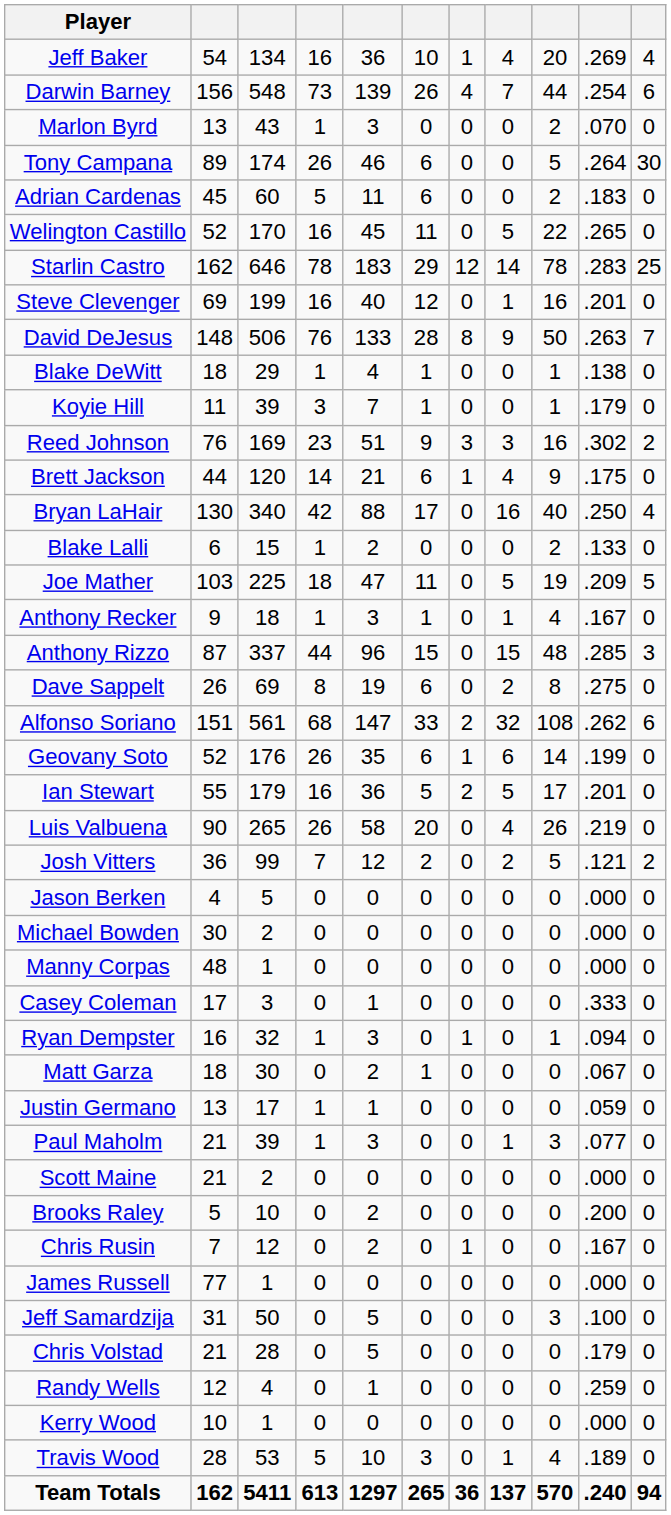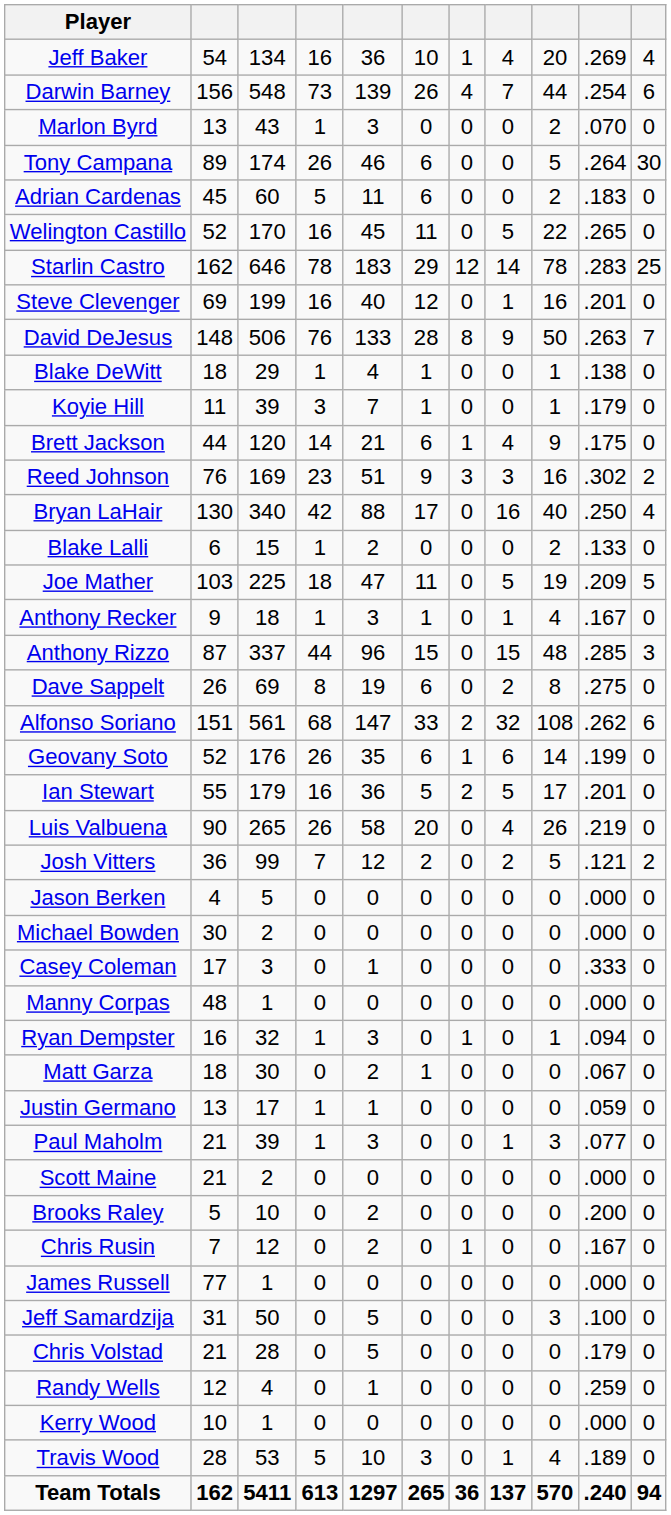 <table class="wikitable sortable">
 <tr>
 <th>Player</th>
 <th></th>
 <th></th>
 <th></th>
 <th></th>
 <th></th>
 <th></th>
 <th></th>
 <th></th>
 <th></th>
 <th></th>
 </tr>
 <tr align=center>
 <td><a href='#'>Jeff Baker</a></td>
 <td>54</td>
 <td>134</td>
 <td>16</td>
 <td>36</td>
 <td>10</td>
 <td>1</td>
 <td>4</td>
 <td>20</td>
 <td>.269</td>
 <td>4</td>
 </tr>
 <tr align=center>
 <td><a href='#'>Darwin Barney</a></td>
 <td>156</td>
 <td>548</td>
 <td>73</td>
 <td>139</td>
 <td>26</td>
 <td>4</td>
 <td>7</td>
 <td>44</td>
 <td>.254</td>
 <td>6</td>
 </tr>
 <tr align=center>
 <td><a href='#'>Marlon Byrd</a></td>
 <td>13</td>
 <td>43</td>
 <td>1</td>
 <td>3</td>
 <td>0</td>
 <td>0</td>
 <td>0</td>
 <td>2</td>
 <td>.070</td>
 <td>0</td>
 </tr>
 <tr align=center>
 <td><a href='#'>Tony Campana</a></td>
 <td>89</td>
 <td>174</td>
 <td>26</td>
 <td>46</td>
 <td>6</td>
 <td>0</td>
 <td>0</td>
 <td>5</td>
 <td>.264</td>
 <td>30</td>
 </tr>
 <tr align=center>
 <td><a href='#'>Adrian Cardenas</a></td>
 <td>45</td>
 <td>60</td>
 <td>5</td>
 <td>11</td>
 <td>6</td>
 <td>0</td>
 <td>0</td>
 <td>2</td>
 <td>.183</td>
 <td>0</td>
 </tr>
 <tr align=center>
 <td><a href='#'>Welington Castillo</a></td>
 <td>52</td>
 <td>170</td>
 <td>16</td>
 <td>45</td>
 <td>11</td>
 <td>0</td>
 <td>5</td>
 <td>22</td>
 <td>.265</td>
 <td>0</td>
 </tr>
 <tr align=center>
 <td><a href='#'>Starlin Castro</a></td>
 <td>162</td>
 <td>646</td>
 <td>78</td>
 <td>183</td>
 <td>29</td>
 <td>12</td>
 <td>14</td>
 <td>78</td>
 <td>.283</td>
 <td>25</td>
 </tr>
 <tr align=center>
 <td><a href='#'>Steve Clevenger</a></td>
 <td>69</td>
 <td>199</td>
 <td>16</td>
 <td>40</td>
 <td>12</td>
 <td>0</td>
 <td>1</td>
 <td>16</td>
 <td>.201</td>
 <td>0</td>
 </tr>
 <tr align=center>
 <td><a href='#'>David DeJesus</a></td>
 <td>148</td>
 <td>506</td>
 <td>76</td>
 <td>133</td>
 <td>28</td>
 <td>8</td>
 <td>9</td>
 <td>50</td>
 <td>.263</td>
 <td>7</td>
 </tr>
 <tr align=center>
 <td><a href='#'>Blake DeWitt</a></td>
 <td>18</td>
 <td>29</td>
 <td>1</td>
 <td>4</td>
 <td>1</td>
 <td>0</td>
 <td>0</td>
 <td>1</td>
 <td>.138</td>
 <td>0</td>
 </tr>
 <tr align=center>
 <td><a href='#'>Koyie Hill</a></td>
 <td>11</td>
 <td>39</td>
 <td>3</td>
 <td>7</td>
 <td>1</td>
 <td>0</td>
 <td>0</td>
 <td>1</td>
 <td>.179</td>
 <td>0</td>
 </tr>
 <tr align=center>
+<td><a href='#'>Brett Jackson</a></td>
+<td>44</td>
+<td>120</td>
+<td>14</td>
+<td>21</td>
+<td>6</td>
+<td>1</td>
+<td>4</td>
+<td>9</td>
+<td>.175</td>
+<td>0</td>
+</tr>
+<tr align=center>
 <td><a href='#'>Reed Johnson</a></td>
 <td>76</td>
 <td>169</td>
 <td>23</td>
 <td>51</td>
 <td>9</td>
 <td>3</td>
 <td>3</td>
 <td>16</td>
 <td>.302</td>
 <td>2</td>
-</tr>
-<tr align=center>
-<td><a href='#'>Brett Jackson</a></td>
-<td>44</td>
-<td>120</td>
-<td>14</td>
-<td>21</td>
-<td>6</td>
-<td>1</td>
-<td>4</td>
-<td>9</td>
-<td>.175</td>
-<td>0</td>
 </tr>
 <tr align=center>
 <td><a href='#'>Bryan LaHair</a></td>
 <td>130</td>
 <td>340</td>
 <td>42</td>
 <td>88</td>
 <td>17</td>
 <td>0</td>
 <td>16</td>
 <td>40</td>
 <td>.250</td>
 <td>4</td>
 </tr>
 <tr align=center>
 <td><a href='#'>Blake Lalli</a></td>
 <td>6</td>
 <td>15</td>
 <td>1</td>
 <td>2</td>
 <td>0</td>
 <td>0</td>
 <td>0</td>
 <td>2</td>
 <td>.133</td>
 <td>0</td>
 </tr>
 <tr align=center>
 <td><a href='#'>Joe Mather</a></td>
 <td>103</td>
 <td>225</td>
 <td>18</td>
 <td>47</td>
 <td>11</td>
 <td>0</td>
 <td>5</td>
 <td>19</td>
 <td>.209</td>
 <td>5</td>
 </tr>
 <tr align=center>
 <td><a href='#'>Anthony Recker</a></td>
 <td>9</td>
 <td>18</td>
 <td>1</td>
 <td>3</td>
 <td>1</td>
 <td>0</td>
 <td>1</td>
 <td>4</td>
 <td>.167</td>
 <td>0</td>
 </tr>
 <tr align=center>
 <td><a href='#'>Anthony Rizzo</a></td>
 <td>87</td>
 <td>337</td>
 <td>44</td>
 <td>96</td>
 <td>15</td>
 <td>0</td>
 <td>15</td>
 <td>48</td>
 <td>.285</td>
 <td>3</td>
 </tr>
 <tr align=center>
 <td><a href='#'>Dave Sappelt</a></td>
 <td>26</td>
 <td>69</td>
 <td>8</td>
 <td>19</td>
 <td>6</td>
 <td>0</td>
 <td>2</td>
 <td>8</td>
 <td>.275</td>
 <td>0</td>
 </tr>
 <tr align=center>
 <td><a href='#'>Alfonso Soriano</a></td>
 <td>151</td>
 <td>561</td>
 <td>68</td>
 <td>147</td>
 <td>33</td>
 <td>2</td>
 <td>32</td>
 <td>108</td>
 <td>.262</td>
 <td>6</td>
 </tr>
 <tr align=center>
 <td><a href='#'>Geovany Soto</a></td>
 <td>52</td>
 <td>176</td>
 <td>26</td>
 <td>35</td>
 <td>6</td>
 <td>1</td>
 <td>6</td>
 <td>14</td>
 <td>.199</td>
 <td>0</td>
 </tr>
 <tr align=center>
 <td><a href='#'>Ian Stewart</a></td>
 <td>55</td>
 <td>179</td>
 <td>16</td>
 <td>36</td>
 <td>5</td>
 <td>2</td>
 <td>5</td>
 <td>17</td>
 <td>.201</td>
 <td>0</td>
 </tr>
 <tr align=center>
 <td><a href='#'>Luis Valbuena</a></td>
 <td>90</td>
 <td>265</td>
 <td>26</td>
 <td>58</td>
 <td>20</td>
 <td>0</td>
 <td>4</td>
 <td>26</td>
 <td>.219</td>
 <td>0</td>
 </tr>
 <tr align=center>
 <td><a href='#'>Josh Vitters</a></td>
 <td>36</td>
 <td>99</td>
 <td>7</td>
 <td>12</td>
 <td>2</td>
 <td>0</td>
 <td>2</td>
 <td>5</td>
 <td>.121</td>
 <td>2</td>
 </tr>
 <tr align=center>
 <td><a href='#'>Jason Berken</a></td>
 <td>4</td>
 <td>5</td>
 <td>0</td>
 <td>0</td>
 <td>0</td>
 <td>0</td>
 <td>0</td>
 <td>0</td>
 <td>.000</td>
 <td>0</td>
 </tr>
 <tr align=center>
 <td><a href='#'>Michael Bowden</a></td>
 <td>30</td>
 <td>2</td>
 <td>0</td>
 <td>0</td>
 <td>0</td>
 <td>0</td>
 <td>0</td>
 <td>0</td>
 <td>.000</td>
 <td>0</td>
 </tr>
 <tr align=center>
+<td><a href='#'>Casey Coleman</a></td>
+<td>17</td>
+<td>3</td>
+<td>0</td>
+<td>1</td>
+<td>0</td>
+<td>0</td>
+<td>0</td>
+<td>0</td>
+<td>.333</td>
+<td>0</td>
+</tr>
+<tr align=center>
 <td><a href='#'>Manny Corpas</a></td>
 <td>48</td>
 <td>1</td>
 <td>0</td>
 <td>0</td>
 <td>0</td>
 <td>0</td>
 <td>0</td>
 <td>0</td>
 <td>.000</td>
-<td>0</td>
-</tr>
-<tr align=center>
-<td><a href='#'>Casey Coleman</a></td>
-<td>17</td>
-<td>3</td>
-<td>0</td>
-<td>1</td>
-<td>0</td>
-<td>0</td>
-<td>0</td>
-<td>0</td>
-<td>.333</td>
 <td>0</td>
 </tr>
 <tr align=center>
 <td><a href='#'>Ryan Dempster</a></td>
 <td>16</td>
 <td>32</td>
 <td>1</td>
 <td>3</td>
 <td>0</td>
 <td>1</td>
 <td>0</td>
 <td>1</td>
 <td>.094</td>
 <td>0</td>
 </tr>
 <tr align=center>
 <td><a href='#'>Matt Garza</a></td>
 <td>18</td>
 <td>30</td>
 <td>0</td>
 <td>2</td>
 <td>1</td>
 <td>0</td>
 <td>0</td>
 <td>0</td>
 <td>.067</td>
 <td>0</td>
 </tr>
 <tr align=center>
 <td><a href='#'>Justin Germano</a></td>
 <td>13</td>
 <td>17</td>
 <td>1</td>
 <td>1</td>
 <td>0</td>
 <td>0</td>
 <td>0</td>
 <td>0</td>
 <td>.059</td>
 <td>0</td>
 </tr>
 <tr align=center>
 <td><a href='#'>Paul Maholm</a></td>
 <td>21</td>
 <td>39</td>
 <td>1</td>
 <td>3</td>
 <td>0</td>
 <td>0</td>
 <td>1</td>
 <td>3</td>
 <td>.077</td>
 <td>0</td>
 </tr>
 <tr align=center>
 <td><a href='#'>Scott Maine</a></td>
 <td>21</td>
 <td>2</td>
 <td>0</td>
 <td>0</td>
 <td>0</td>
 <td>0</td>
 <td>0</td>
 <td>0</td>
 <td>.000</td>
 <td>0</td>
 </tr>
 <tr align=center>
 <td><a href='#'>Brooks Raley</a></td>
 <td>5</td>
 <td>10</td>
 <td>0</td>
 <td>2</td>
 <td>0</td>
 <td>0</td>
 <td>0</td>
 <td>0</td>
 <td>.200</td>
 <td>0</td>
 </tr>
 <tr align=center>
 <td><a href='#'>Chris Rusin</a></td>
 <td>7</td>
 <td>12</td>
 <td>0</td>
 <td>2</td>
 <td>0</td>
 <td>1</td>
 <td>0</td>
 <td>0</td>
 <td>.167</td>
 <td>0</td>
 </tr>
 <tr align=center>
 <td><a href='#'>James Russell</a></td>
 <td>77</td>
 <td>1</td>
 <td>0</td>
 <td>0</td>
 <td>0</td>
 <td>0</td>
 <td>0</td>
 <td>0</td>
 <td>.000</td>
 <td>0</td>
 </tr>
 <tr align=center>
 <td><a href='#'>Jeff Samardzija</a></td>
 <td>31</td>
 <td>50</td>
 <td>0</td>
 <td>5</td>
 <td>0</td>
 <td>0</td>
 <td>0</td>
 <td>3</td>
 <td>.100</td>
 <td>0</td>
 </tr>
 <tr align=center>
 <td><a href='#'>Chris Volstad</a></td>
 <td>21</td>
 <td>28</td>
 <td>0</td>
 <td>5</td>
 <td>0</td>
 <td>0</td>
 <td>0</td>
 <td>0</td>
 <td>.179</td>
 <td>0</td>
 </tr>
 <tr align=center>
 <td><a href='#'>Randy Wells</a></td>
 <td>12</td>
 <td>4</td>
 <td>0</td>
 <td>1</td>
 <td>0</td>
 <td>0</td>
 <td>0</td>
 <td>0</td>
 <td>.259</td>
 <td>0</td>
 </tr>
 <tr align=center>
 <td><a href='#'>Kerry Wood</a></td>
 <td>10</td>
 <td>1</td>
 <td>0</td>
 <td>0</td>
 <td>0</td>
 <td>0</td>
 <td>0</td>
 <td>0</td>
 <td>.000</td>
 <td>0</td>
 </tr>
 <tr align=center>
 <td><a href='#'>Travis Wood</a></td>
 <td>28</td>
 <td>53</td>
 <td>5</td>
 <td>10</td>
 <td>3</td>
 <td>0</td>
 <td>1</td>
 <td>4</td>
 <td>.189</td>
 <td>0</td>
 </tr>
 <tr align=center>
 <td><strong>Team Totals</strong></td>
 <td><strong>162</strong></td>
 <td><strong>5411</strong></td>
 <td><strong>613</strong></td>
 <td><strong>1297</strong></td>
 <td><strong>265</strong></td>
 <td><strong>36</strong></td>
 <td><strong>137</strong></td>
 <td><strong>570</strong></td>
 <td><strong>.240</strong></td>
 <td><strong>94</strong></td>
 </tr>
 </table>
